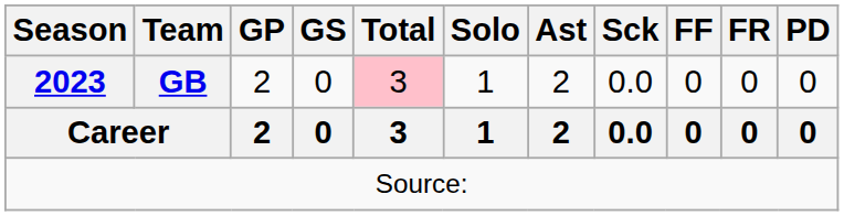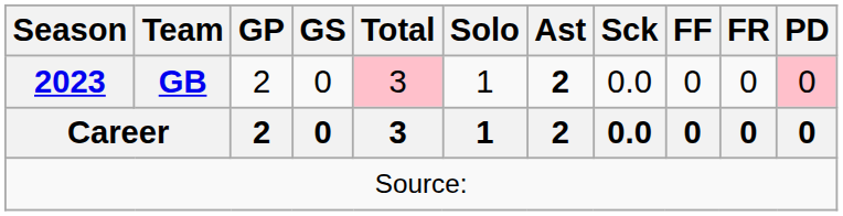 <table class="wikitable" style="text-align:center;">
 <tr>
 <th>Season</th>
 <th>Team</th>
 <th>GP</th>
 <th>GS</th>
 <th>Total</th>
 <th>Solo</th>
 <th>Ast</th>
 <th>Sck</th>
 <th>FF</th>
 <th>FR</th>
 <th>PD</th>
 </tr>
 <tr>
 <th><a href='#'>2023</a></th>
 <th><a href='#'>GB</a></th>
 <td>2</td>
 <td>0</td>
 <td style="background: pink;">3</td>
 <td>1</td>
-<td>2</td>
+<td><strong>2</strong></td>
 <td>0.0</td>
 <td>0</td>
 <td>0</td>
-<td>0</td>
+<td style="background: pink;">0</td>
 </tr>
 <tr>
 <th colspan="2">Career</th>
 <th>2</th>
 <th>0</th>
 <th>3</th>
 <th>1</th>
 <th>2</th>
 <th>0.0</th>
 <th>0</th>
 <th>0</th>
 <th>0</th>
 </tr>
 <tr>
 <td colspan="11"><small>Source: </small></td>
 </tr>
 </table>
